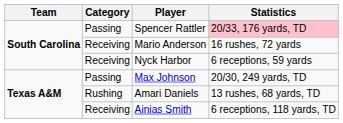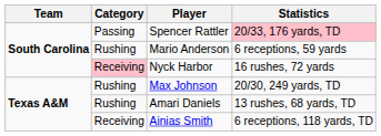 <table class="wikitable" style="float: right;">
 <tr>
 <th>Team</th>
 <th>Category</th>
 <th>Player</th>
 <th>Statistics</th>
 </tr>
 <tr>
 <td rowspan=3><strong>South Carolina</strong></td>
 <td>Passing</td>
 <td>Spencer Rattler</td>
 <td style="background: pink;">20/33, 176 yards, TD</td>
 </tr>
 <tr>
-<td>Receiving</td>
+<td>Rushing</td>
 <td>Mario Anderson</td>
+<td>6 receptions, 59 yards</td>
+</tr>
+<tr>
+<td style="background: pink;">Receiving</td>
+<td>Nyck Harbor</td>
 <td>16 rushes, 72 yards</td>
 </tr>
 <tr>
-<td>Receiving</td>
-<td>Nyck Harbor</td>
-<td>6 receptions, 59 yards</td>
-</tr>
-<tr>
 <td rowspan=3><strong>Texas A&M</strong></td>
-<td>Passing</td>
+<td>Rushing</td>
 <td><a href='#'>Max Johnson</a></td>
 <td>20/30, 249 yards, TD</td>
 </tr>
 <tr>
 <td>Rushing</td>
 <td>Amari Daniels</td>
 <td>13 rushes, 68 yards, TD</td>
 </tr>
 <tr>
 <td>Receiving</td>
 <td><a href='#'>Ainias Smith</a></td>
 <td>6 receptions, 118 yards, TD</td>
 </tr>
 </table>
